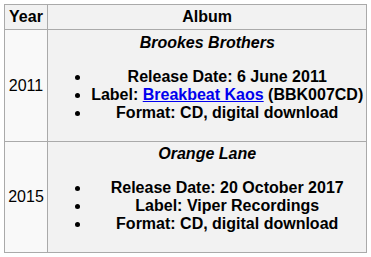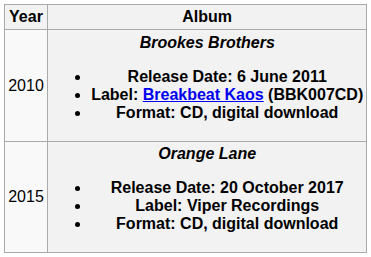 <table class="wikitable plainrowheaders" style="text-align:center;">
 <tr>
 <th rowspan="1">Year</th>
 <th rowspan="1">Album</th>
 </tr>
 <tr>
-<td>2011</td>
+<td>2010</td>
 <th scope="row"><em>Brookes Brothers</em><br><ul><li>Release Date: 6 June 2011</li><li>Label: <a href='#'>Breakbeat Kaos</a> (BBK007CD)</li><li>Format: CD, digital download</li></ul></th>
 </tr>
 <tr>
 <td>2015</td>
 <th scope="row"><em>Orange Lane</em><br><ul><li>Release Date: 20 October 2017</li><li>Label: Viper Recordings</li><li>Format: CD, digital download</li></ul></th>
 </tr>
 <tr>
 </tr>
 </table>
